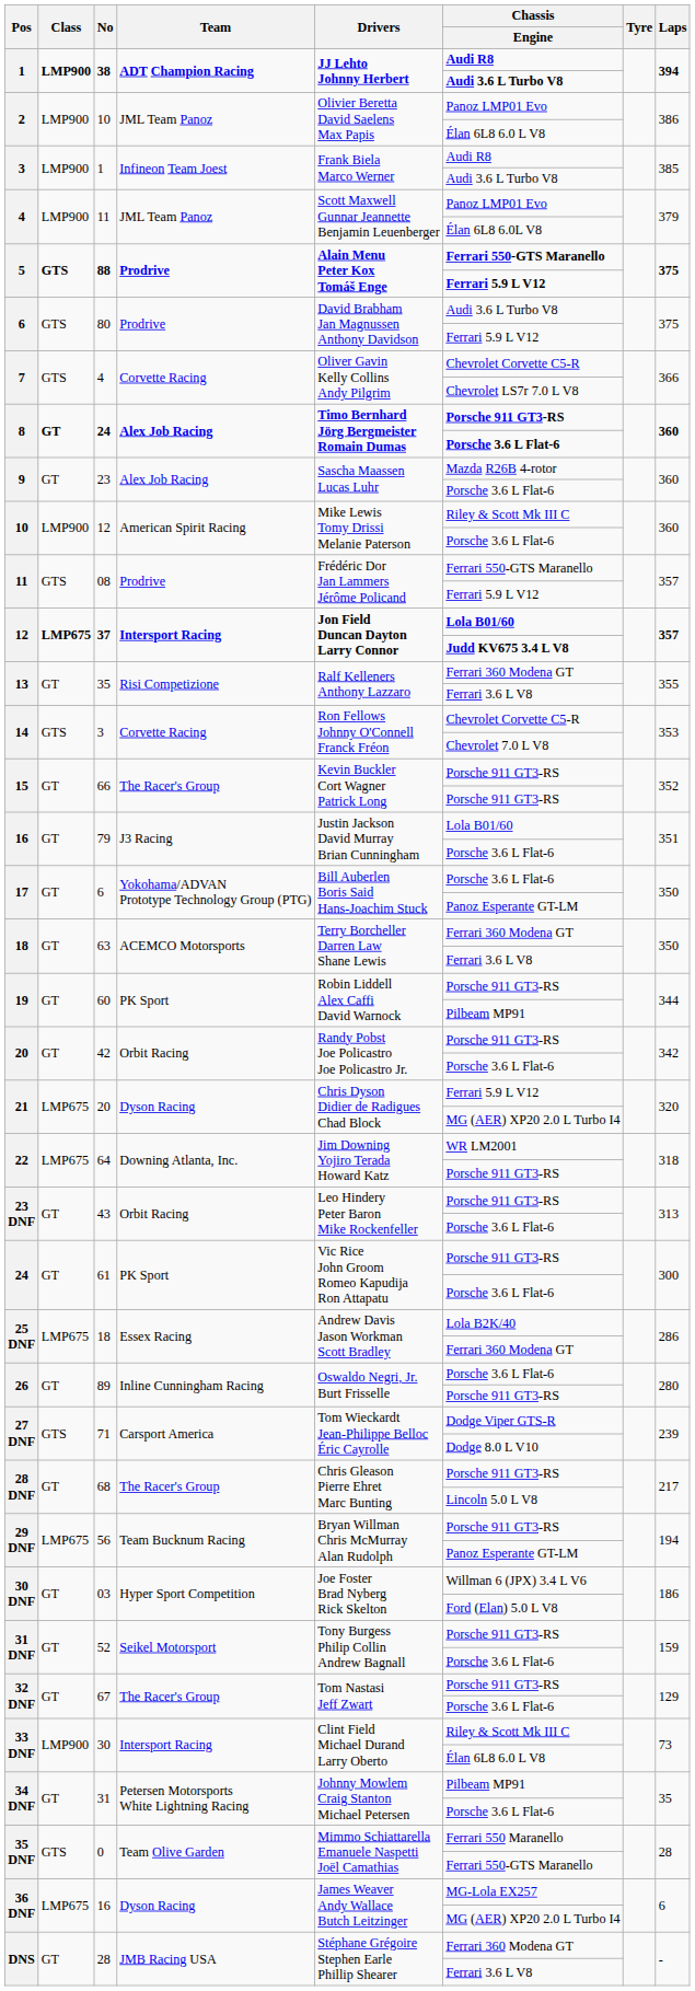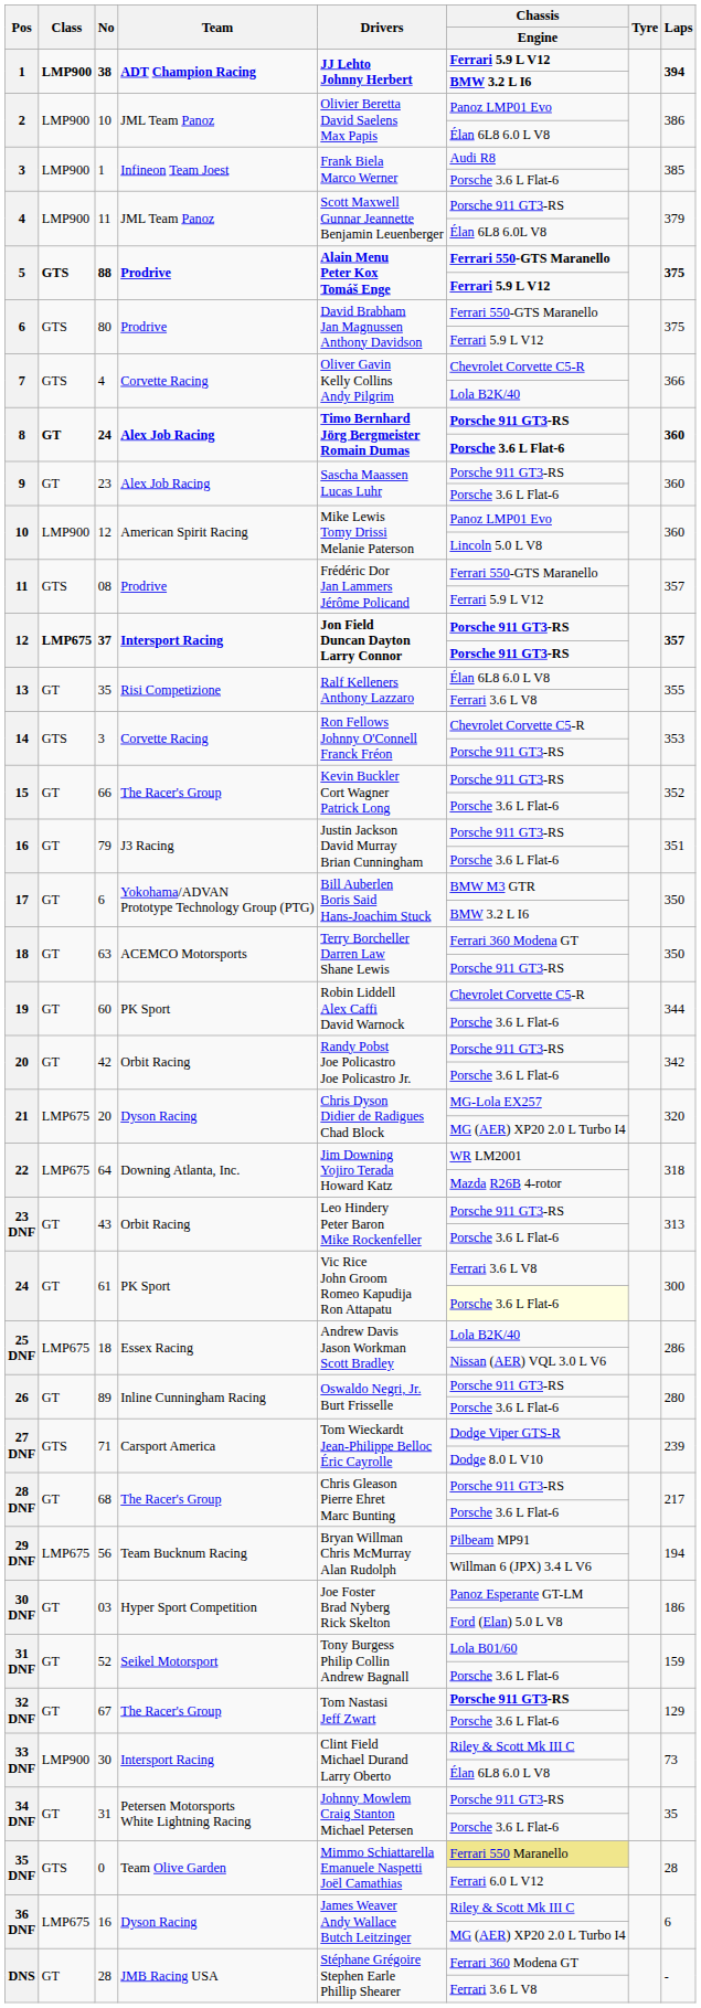 <table class="wikitable" style="font-size: 95%;">
 <tr>
 <th rowspan=2>Pos</th>
 <th rowspan=2>Class</th>
 <th rowspan=2>No</th>
 <th rowspan=2>Team</th>
 <th rowspan=2>Drivers</th>
 <th>Chassis</th>
 <th rowspan=2>Tyre</th>
 <th rowspan=2>Laps</th>
 </tr>
 <tr>
 <th>Engine</th>
 </tr>
 <tr style="font-weight:bold">
 <th rowspan=2>1</th>
 <td rowspan=2>LMP900</td>
 <td rowspan=2>38</td>
 <td rowspan=2> <a href='#'>ADT</a> <a href='#'>Champion Racing</a></td>
 <td rowspan=2> <a href='#'>JJ Lehto</a><br> <a href='#'>Johnny Herbert</a></td>
-<td><a href='#'>Audi R8</a></td>
+<td><a href='#'>Ferrari</a> 5.9 L V12</td>
 <td rowspan=2></td>
 <td rowspan=2>394</td>
 </tr>
 <tr style="font-weight:bold">
-<td><a href='#'>Audi</a> 3.6 L Turbo V8</td>
+<td><a href='#'>BMW</a> 3.2 L I6</td>
 </tr>
 <tr>
 <th rowspan=2>2</th>
 <td rowspan=2>LMP900</td>
 <td rowspan=2>10</td>
 <td rowspan=2> JML Team <a href='#'>Panoz</a></td>
 <td rowspan=2> <a href='#'>Olivier Beretta</a><br> <a href='#'>David Saelens</a><br> <a href='#'>Max Papis</a></td>
 <td><a href='#'>Panoz LMP01 Evo</a></td>
 <td rowspan=2></td>
 <td rowspan=2>386</td>
 </tr>
 <tr>
 <td><a href='#'>Élan</a> 6L8 6.0 L V8</td>
 </tr>
 <tr>
 <th rowspan=2>3</th>
 <td rowspan=2>LMP900</td>
 <td rowspan=2>1</td>
 <td rowspan=2> <a href='#'>Infineon</a> <a href='#'>Team Joest</a></td>
 <td rowspan=2> <a href='#'>Frank Biela</a><br> <a href='#'>Marco Werner</a></td>
 <td><a href='#'>Audi R8</a></td>
 <td rowspan=2></td>
 <td rowspan=2>385</td>
 </tr>
 <tr>
-<td><a href='#'>Audi</a> 3.6 L Turbo V8</td>
+<td><a href='#'>Porsche</a> 3.6 L Flat-6</td>
 </tr>
 <tr>
 <th rowspan=2>4</th>
 <td rowspan=2>LMP900</td>
 <td rowspan=2>11</td>
 <td rowspan=2> JML Team <a href='#'>Panoz</a></td>
 <td rowspan=2> <a href='#'>Scott Maxwell</a><br> <a href='#'>Gunnar Jeannette</a><br> Benjamin Leuenberger</td>
-<td><a href='#'>Panoz LMP01 Evo</a></td>
+<td><a href='#'>Porsche 911 GT3</a>-RS</td>
 <td rowspan=2></td>
 <td rowspan=2>379</td>
 </tr>
 <tr>
 <td><a href='#'>Élan</a> 6L8 6.0L V8</td>
 </tr>
 <tr style="font-weight:bold">
 <th rowspan=2>5</th>
 <td rowspan=2>GTS</td>
 <td rowspan=2>88</td>
 <td rowspan=2> <a href='#'>Prodrive</a></td>
 <td rowspan=2> <a href='#'>Alain Menu</a><br> <a href='#'>Peter Kox</a><br> <a href='#'>Tomáš Enge</a></td>
 <td><a href='#'>Ferrari 550</a>-GTS Maranello</td>
 <td rowspan=2></td>
 <td rowspan=2>375</td>
 </tr>
 <tr style="font-weight:bold">
 <td><a href='#'>Ferrari</a> 5.9 L V12</td>
 </tr>
 <tr>
 <th rowspan=2>6</th>
 <td rowspan=2>GTS</td>
 <td rowspan=2>80</td>
 <td rowspan=2> <a href='#'>Prodrive</a></td>
 <td rowspan=2> <a href='#'>David Brabham</a><br> <a href='#'>Jan Magnussen</a><br> <a href='#'>Anthony Davidson</a></td>
-<td><a href='#'>Audi</a> 3.6 L Turbo V8</td>
+<td><a href='#'>Ferrari 550</a>-GTS Maranello</td>
 <td rowspan=2></td>
 <td rowspan=2>375</td>
 </tr>
 <tr>
 <td><a href='#'>Ferrari</a> 5.9 L V12</td>
 </tr>
 <tr>
 <th rowspan=2>7</th>
 <td rowspan=2>GTS</td>
 <td rowspan=2>4</td>
 <td rowspan=2> <a href='#'>Corvette Racing</a></td>
 <td rowspan=2> <a href='#'>Oliver Gavin</a><br> Kelly Collins<br> <a href='#'>Andy Pilgrim</a></td>
 <td><a href='#'>Chevrolet Corvette C5-R</a></td>
 <td rowspan=2></td>
 <td rowspan=2>366</td>
 </tr>
 <tr>
-<td><a href='#'>Chevrolet</a> LS7r 7.0 L V8</td>
+<td><a href='#'>Lola B2K/40</a></td>
 </tr>
 <tr style="font-weight:bold">
 <th rowspan=2>8</th>
 <td rowspan=2>GT</td>
 <td rowspan=2>24</td>
 <td rowspan=2> <a href='#'>Alex Job Racing</a></td>
 <td rowspan=2> <a href='#'>Timo Bernhard</a><br> <a href='#'>Jörg Bergmeister</a><br> <a href='#'>Romain Dumas</a></td>
 <td><a href='#'>Porsche 911 GT3</a>-RS</td>
 <td rowspan=2></td>
 <td rowspan=2>360</td>
 </tr>
 <tr style="font-weight:bold">
 <td><a href='#'>Porsche</a> 3.6 L Flat-6</td>
 </tr>
 <tr>
 <th rowspan=2>9</th>
 <td rowspan=2>GT</td>
 <td rowspan=2>23</td>
 <td rowspan=2> <a href='#'>Alex Job Racing</a></td>
 <td rowspan=2> <a href='#'>Sascha Maassen</a><br> <a href='#'>Lucas Luhr</a></td>
-<td><a href='#'>Mazda</a> <a href='#'>R26B</a> 4-rotor</td>
+<td><a href='#'>Porsche 911 GT3</a>-RS</td>
 <td rowspan=2></td>
 <td rowspan=2>360</td>
 </tr>
 <tr>
 <td><a href='#'>Porsche</a> 3.6 L Flat-6</td>
 </tr>
 <tr>
 <th rowspan=2>10</th>
 <td rowspan=2>LMP900</td>
 <td rowspan=2>12</td>
 <td rowspan=2> American Spirit Racing</td>
 <td rowspan=2> Mike Lewis<br> <a href='#'>Tomy Drissi</a><br> Melanie Paterson</td>
-<td><a href='#'>Riley & Scott Mk III C</a></td>
+<td><a href='#'>Panoz LMP01 Evo</a></td>
 <td rowspan=2></td>
 <td rowspan=2>360</td>
 </tr>
 <tr>
-<td><a href='#'>Porsche</a> 3.6 L Flat-6</td>
+<td><a href='#'>Lincoln</a> 5.0 L V8</td>
 </tr>
 <tr>
 <th rowspan=2>11</th>
 <td rowspan=2>GTS</td>
 <td rowspan=2>08</td>
 <td rowspan=2> <a href='#'>Prodrive</a></td>
 <td rowspan=2> Frédéric Dor<br> <a href='#'>Jan Lammers</a><br> <a href='#'>Jérôme Policand</a></td>
 <td><a href='#'>Ferrari 550</a>-GTS Maranello</td>
 <td rowspan=2></td>
 <td rowspan=2>357</td>
 </tr>
 <tr>
 <td><a href='#'>Ferrari</a> 5.9 L V12</td>
 </tr>
 <tr style="font-weight:bold">
 <th rowspan=2>12</th>
 <td rowspan=2>LMP675</td>
 <td rowspan=2>37</td>
 <td rowspan=2> <a href='#'>Intersport Racing</a></td>
 <td rowspan=2> Jon Field<br> Duncan Dayton<br> Larry Connor</td>
-<td><a href='#'>Lola B01/60</a></td>
+<td><a href='#'>Porsche 911 GT3</a>-RS</td>
 <td rowspan=2></td>
 <td rowspan=2>357</td>
 </tr>
 <tr style="font-weight:bold">
-<td><a href='#'>Judd</a> KV675 3.4 L V8</td>
+<td><a href='#'>Porsche 911 GT3</a>-RS</td>
 </tr>
 <tr>
 <th rowspan=2>13</th>
 <td rowspan=2>GT</td>
 <td rowspan=2>35</td>
 <td rowspan=2> <a href='#'>Risi Competizione</a></td>
 <td rowspan=2> <a href='#'>Ralf Kelleners</a><br> <a href='#'>Anthony Lazzaro</a></td>
-<td><a href='#'>Ferrari 360 Modena</a> GT</td>
+<td><a href='#'>Élan</a> 6L8 6.0 L V8</td>
 <td rowspan=2></td>
 <td rowspan=2>355</td>
 </tr>
 <tr>
 <td><a href='#'>Ferrari</a> 3.6 L V8</td>
 </tr>
 <tr>
 <th rowspan=2>14</th>
 <td rowspan=2>GTS</td>
 <td rowspan=2>3</td>
 <td rowspan=2> <a href='#'>Corvette Racing</a></td>
 <td rowspan=2> <a href='#'>Ron Fellows</a><br> <a href='#'>Johnny O'Connell</a><br> <a href='#'>Franck Fréon</a></td>
 <td><a href='#'>Chevrolet Corvette C5</a>-R</td>
 <td rowspan=2></td>
 <td rowspan=2>353</td>
 </tr>
 <tr>
-<td><a href='#'>Chevrolet</a> 7.0 L V8</td>
+<td><a href='#'>Porsche 911 GT3</a>-RS</td>
 </tr>
 <tr>
 <th rowspan=2>15</th>
 <td rowspan=2>GT</td>
 <td rowspan=2>66</td>
 <td rowspan=2> <a href='#'>The Racer's Group</a></td>
 <td rowspan=2> <a href='#'>Kevin Buckler</a><br> Cort Wagner<br> <a href='#'>Patrick Long</a></td>
 <td><a href='#'>Porsche 911 GT3</a>-RS</td>
 <td rowspan=2></td>
 <td rowspan=2>352</td>
 </tr>
 <tr>
-<td><a href='#'>Porsche 911 GT3</a>-RS</td>
+<td><a href='#'>Porsche</a> 3.6 L Flat-6</td>
 </tr>
 <tr>
 <th rowspan=2>16</th>
 <td rowspan=2>GT</td>
 <td rowspan=2>79</td>
 <td rowspan=2> J3 Racing</td>
 <td rowspan=2> Justin Jackson<br> David Murray<br> Brian Cunningham</td>
-<td><a href='#'>Lola B01/60</a></td>
+<td><a href='#'>Porsche 911 GT3</a>-RS</td>
 <td rowspan=2></td>
 <td rowspan=2>351</td>
 </tr>
 <tr>
 <td><a href='#'>Porsche</a> 3.6 L Flat-6</td>
 </tr>
 <tr>
 <th rowspan=2>17</th>
 <td rowspan=2>GT</td>
 <td rowspan=2>6</td>
 <td rowspan=2> <a href='#'>Yokohama</a>/ADVAN<br> Prototype Technology Group (PTG)</td>
 <td rowspan=2> <a href='#'>Bill Auberlen</a><br> <a href='#'>Boris Said</a><br> <a href='#'>Hans-Joachim Stuck</a></td>
-<td><a href='#'>Porsche</a> 3.6 L Flat-6</td>
+<td><a href='#'>BMW M3</a> GTR</td>
 <td rowspan=2></td>
 <td rowspan=2>350</td>
 </tr>
 <tr>
-<td><a href='#'>Panoz Esperante</a> GT-LM</td>
+<td><a href='#'>BMW</a> 3.2 L I6</td>
 </tr>
 <tr>
 <th rowspan=2>18</th>
 <td rowspan=2>GT</td>
 <td rowspan=2>63</td>
 <td rowspan=2> ACEMCO Motorsports</td>
 <td rowspan=2> <a href='#'>Terry Borcheller</a><br> <a href='#'>Darren Law</a><br> Shane Lewis</td>
 <td><a href='#'>Ferrari 360 Modena</a> GT</td>
 <td rowspan=2></td>
 <td rowspan=2>350</td>
 </tr>
 <tr>
-<td><a href='#'>Ferrari</a> 3.6 L V8</td>
+<td><a href='#'>Porsche 911 GT3</a>-RS</td>
 </tr>
 <tr>
 <th rowspan=2>19</th>
 <td rowspan=2>GT</td>
 <td rowspan=2>60</td>
 <td rowspan=2> PK Sport</td>
 <td rowspan=2> Robin Liddell<br> <a href='#'>Alex Caffi</a><br> David Warnock</td>
-<td><a href='#'>Porsche 911 GT3</a>-RS</td>
+<td><a href='#'>Chevrolet Corvette C5</a>-R</td>
 <td rowspan=2></td>
 <td rowspan=2>344</td>
 </tr>
 <tr>
-<td><a href='#'>Pilbeam</a> MP91</td>
+<td><a href='#'>Porsche</a> 3.6 L Flat-6</td>
 </tr>
 <tr>
 <th rowspan=2>20</th>
 <td rowspan=2>GT</td>
 <td rowspan=2>42</td>
 <td rowspan=2> Orbit Racing</td>
 <td rowspan=2> <a href='#'>Randy Pobst</a><br> Joe Policastro<br> Joe Policastro Jr.</td>
 <td><a href='#'>Porsche 911 GT3</a>-RS</td>
 <td rowspan=2></td>
 <td rowspan=2>342</td>
 </tr>
 <tr>
 <td><a href='#'>Porsche</a> 3.6 L Flat-6</td>
 </tr>
 <tr>
 <th rowspan=2>21</th>
 <td rowspan=2>LMP675</td>
 <td rowspan=2>20</td>
 <td rowspan=2> <a href='#'>Dyson Racing</a></td>
 <td rowspan=2> <a href='#'>Chris Dyson</a><br> <a href='#'>Didier de Radigues</a><br> Chad Block</td>
-<td><a href='#'>Ferrari</a> 5.9 L V12</td>
+<td><a href='#'>MG-Lola EX257</a></td>
 <td rowspan=2></td>
 <td rowspan=2>320</td>
 </tr>
 <tr>
 <td><a href='#'>MG</a> (<a href='#'>AER</a>) XP20 2.0 L Turbo I4</td>
 </tr>
 <tr>
 <th rowspan=2>22</th>
 <td rowspan=2>LMP675</td>
 <td rowspan=2>64</td>
 <td rowspan=2> Downing Atlanta, Inc.</td>
 <td rowspan=2> <a href='#'>Jim Downing</a><br> <a href='#'>Yojiro Terada</a><br> Howard Katz</td>
 <td><a href='#'>WR</a> LM2001</td>
 <td rowspan=2></td>
 <td rowspan=2>318</td>
 </tr>
 <tr>
-<td><a href='#'>Porsche 911 GT3</a>-RS</td>
+<td><a href='#'>Mazda</a> <a href='#'>R26B</a> 4-rotor</td>
 </tr>
 <tr>
 <th rowspan=2>23<br>DNF</th>
 <td rowspan=2>GT</td>
 <td rowspan=2>43</td>
 <td rowspan=2> Orbit Racing</td>
 <td rowspan=2> Leo Hindery<br> Peter Baron<br> <a href='#'>Mike Rockenfeller</a></td>
 <td><a href='#'>Porsche 911 GT3</a>-RS</td>
 <td rowspan=2></td>
 <td rowspan=2>313</td>
 </tr>
 <tr>
 <td><a href='#'>Porsche</a> 3.6 L Flat-6</td>
 </tr>
 <tr>
 <th rowspan=2>24</th>
 <td rowspan=2>GT</td>
 <td rowspan=2>61</td>
 <td rowspan=2> PK Sport</td>
 <td rowspan=2> Vic Rice<br> John Groom<br> Romeo Kapudija<br> Ron Attapatu</td>
-<td><a href='#'>Porsche 911 GT3</a>-RS</td>
+<td><a href='#'>Ferrari</a> 3.6 L V8</td>
 <td rowspan=2></td>
 <td rowspan=2>300</td>
 </tr>
 <tr>
-<td><a href='#'>Porsche</a> 3.6 L Flat-6</td>
+<td style="background: lightyellow;"><a href='#'>Porsche</a> 3.6 L Flat-6</td>
 </tr>
 <tr>
 <th rowspan=2>25<br>DNF</th>
 <td rowspan=2>LMP675</td>
 <td rowspan=2>18</td>
 <td rowspan=2> Essex Racing</td>
 <td rowspan=2> Andrew Davis<br> Jason Workman<br> <a href='#'>Scott Bradley</a></td>
 <td><a href='#'>Lola B2K/40</a></td>
 <td rowspan=2></td>
 <td rowspan=2>286</td>
 </tr>
 <tr>
-<td><a href='#'>Ferrari 360 Modena</a> GT</td>
+<td><a href='#'>Nissan</a> (<a href='#'>AER</a>) VQL 3.0 L V6</td>
 </tr>
 <tr>
 <th rowspan=2>26</th>
 <td rowspan=2>GT</td>
 <td rowspan=2>89</td>
 <td rowspan=2> Inline Cunningham Racing</td>
 <td rowspan=2> <a href='#'>Oswaldo Negri, Jr.</a><br> Burt Frisselle</td>
-<td><a href='#'>Porsche</a> 3.6 L Flat-6</td>
+<td><a href='#'>Porsche 911 GT3</a>-RS</td>
 <td rowspan=2></td>
 <td rowspan=2>280</td>
 </tr>
 <tr>
-<td><a href='#'>Porsche 911 GT3</a>-RS</td>
+<td><a href='#'>Porsche</a> 3.6 L Flat-6</td>
 </tr>
 <tr>
 <th rowspan=2>27<br>DNF</th>
 <td rowspan=2>GTS</td>
 <td rowspan=2>71</td>
 <td rowspan=2> Carsport America</td>
 <td rowspan=2> Tom Wieckardt<br> <a href='#'>Jean-Philippe Belloc</a><br> <a href='#'>Éric Cayrolle</a></td>
 <td><a href='#'>Dodge Viper GTS-R</a></td>
 <td rowspan=2></td>
 <td rowspan=2>239</td>
 </tr>
 <tr>
 <td><a href='#'>Dodge</a> 8.0 L V10</td>
 </tr>
 <tr>
 <th rowspan=2>28<br>DNF</th>
 <td rowspan=2>GT</td>
 <td rowspan=2>68</td>
 <td rowspan=2> <a href='#'>The Racer's Group</a></td>
 <td rowspan=2> Chris Gleason<br> Pierre Ehret<br> Marc Bunting</td>
 <td><a href='#'>Porsche 911 GT3</a>-RS</td>
 <td rowspan=2></td>
 <td rowspan=2>217</td>
 </tr>
 <tr>
-<td><a href='#'>Lincoln</a> 5.0 L V8</td>
+<td><a href='#'>Porsche</a> 3.6 L Flat-6</td>
 </tr>
 <tr>
 <th rowspan=2>29<br>DNF</th>
 <td rowspan=2>LMP675</td>
 <td rowspan=2>56</td>
 <td rowspan=2> Team Bucknum Racing</td>
 <td rowspan=2> Bryan Willman<br> Chris McMurray<br> Alan Rudolph</td>
-<td><a href='#'>Porsche 911 GT3</a>-RS</td>
+<td><a href='#'>Pilbeam</a> MP91</td>
 <td rowspan=2></td>
 <td rowspan=2>194</td>
 </tr>
 <tr>
-<td><a href='#'>Panoz Esperante</a> GT-LM</td>
+<td>Willman 6 (JPX) 3.4 L V6</td>
 </tr>
 <tr>
 <th rowspan=2>30<br>DNF</th>
 <td rowspan=2>GT</td>
 <td rowspan=2>03</td>
 <td rowspan=2> Hyper Sport Competition</td>
 <td rowspan=2> Joe Foster<br> Brad Nyberg<br> Rick Skelton</td>
-<td>Willman 6 (JPX) 3.4 L V6</td>
+<td><a href='#'>Panoz Esperante</a> GT-LM</td>
 <td rowspan=2></td>
 <td rowspan=2>186</td>
 </tr>
 <tr>
 <td><a href='#'>Ford</a> (<a href='#'>Elan</a>) 5.0 L V8</td>
 </tr>
 <tr>
 <th rowspan=2>31<br>DNF</th>
 <td rowspan=2>GT</td>
 <td rowspan=2>52</td>
 <td rowspan=2> <a href='#'>Seikel Motorsport</a></td>
 <td rowspan=2> Tony Burgess<br> Philip Collin<br> Andrew Bagnall</td>
-<td><a href='#'>Porsche 911 GT3</a>-RS</td>
+<td><a href='#'>Lola B01/60</a></td>
 <td rowspan=2></td>
 <td rowspan=2>159</td>
 </tr>
 <tr>
 <td><a href='#'>Porsche</a> 3.6 L Flat-6</td>
 </tr>
 <tr>
 <th rowspan=2>32<br>DNF</th>
 <td rowspan=2>GT</td>
 <td rowspan=2>67</td>
 <td rowspan=2> <a href='#'>The Racer's Group</a></td>
 <td rowspan=2> Tom Nastasi<br> <a href='#'>Jeff Zwart</a></td>
-<td><a href='#'>Porsche 911 GT3</a>-RS</td>
+<td><strong><a href='#'>Porsche 911 GT3</a>-RS</strong></td>
 <td rowspan=2></td>
 <td rowspan=2>129</td>
 </tr>
 <tr>
 <td><a href='#'>Porsche</a> 3.6 L Flat-6</td>
 </tr>
 <tr>
 <th rowspan=2>33<br>DNF</th>
 <td rowspan=2>LMP900</td>
 <td rowspan=2>30</td>
 <td rowspan=2> <a href='#'>Intersport Racing</a></td>
 <td rowspan=2> Clint Field<br> Michael Durand<br> Larry Oberto</td>
 <td><a href='#'>Riley & Scott Mk III C</a></td>
 <td rowspan=2></td>
 <td rowspan=2>73</td>
 </tr>
 <tr>
 <td><a href='#'>Élan</a> 6L8 6.0 L V8</td>
 </tr>
 <tr>
 <th rowspan=2>34<br>DNF</th>
 <td rowspan=2>GT</td>
 <td rowspan=2>31</td>
 <td rowspan=2> Petersen Motorsports<br> White Lightning Racing</td>
 <td rowspan=2> <a href='#'>Johnny Mowlem</a><br> <a href='#'>Craig Stanton</a><br> Michael Petersen</td>
-<td><a href='#'>Pilbeam</a> MP91</td>
+<td><a href='#'>Porsche 911 GT3</a>-RS</td>
 <td rowspan=2></td>
 <td rowspan=2>35</td>
 </tr>
 <tr>
 <td><a href='#'>Porsche</a> 3.6 L Flat-6</td>
 </tr>
 <tr>
 <th rowspan=2>35<br>DNF</th>
 <td rowspan=2>GTS</td>
 <td rowspan=2>0</td>
 <td rowspan=2> Team <a href='#'>Olive Garden</a></td>
 <td rowspan=2> <a href='#'>Mimmo Schiattarella</a><br> <a href='#'>Emanuele Naspetti</a><br> <a href='#'>Joël Camathias</a></td>
-<td><a href='#'>Ferrari 550</a> Maranello</td>
+<td style="background: khaki;"><a href='#'>Ferrari 550</a> Maranello</td>
 <td rowspan=2></td>
 <td rowspan=2>28</td>
 </tr>
 <tr>
-<td><a href='#'>Ferrari 550</a>-GTS Maranello</td>
+<td><a href='#'>Ferrari</a> 6.0 L V12</td>
 </tr>
 <tr>
 <th rowspan=2>36<br>DNF</th>
 <td rowspan=2>LMP675</td>
 <td rowspan=2>16</td>
 <td rowspan=2> <a href='#'>Dyson Racing</a></td>
 <td rowspan=2> <a href='#'>James Weaver</a><br> <a href='#'>Andy Wallace</a><br> <a href='#'>Butch Leitzinger</a></td>
-<td><a href='#'>MG-Lola EX257</a></td>
+<td><a href='#'>Riley & Scott Mk III C</a></td>
 <td rowspan=2></td>
 <td rowspan=2>6</td>
 </tr>
 <tr>
 <td><a href='#'>MG</a> (<a href='#'>AER</a>) XP20 2.0 L Turbo I4</td>
 </tr>
 <tr>
 <th rowspan=2>DNS</th>
 <td rowspan=2>GT</td>
 <td rowspan=2>28</td>
 <td rowspan=2> <a href='#'>JMB Racing</a> USA</td>
 <td rowspan=2> <a href='#'>Stéphane Grégoire</a><br> Stephen Earle<br> Phillip Shearer</td>
 <td><a href='#'>Ferrari 360</a> Modena GT</td>
 <td rowspan=2></td>
 <td rowspan=2>-</td>
 </tr>
 <tr>
 <td><a href='#'>Ferrari</a> 3.6 L V8</td>
 </tr>
 </table>
